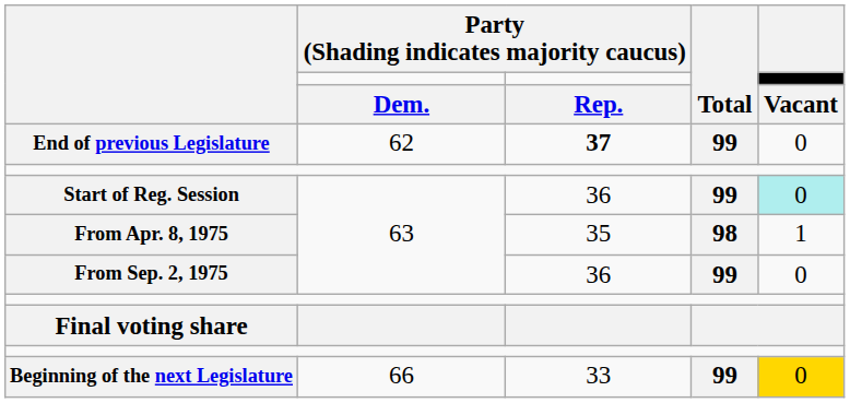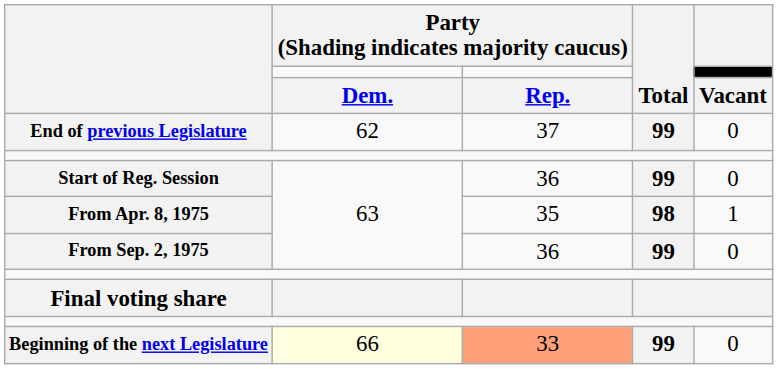 <table class=wikitable style="text-align:center">
 <tr style="vertical-align:bottom;">
 <th rowspan=3></th>
 <th colspan=2>Party <div>(Shading indicates majority caucus)</div></th>
 <th rowspan=3>Total</th>
 <th></th>
 </tr>
 <tr style="height:5px">
 <td style="background-color:"></td>
 <td style="background-color:"></td>
 <td style="background:black;"></td>
 </tr>
 <tr>
 <th><a href='#'>Dem.</a></th>
 <th><a href='#'>Rep.</a></th>
 <th>Vacant</th>
 </tr>
 <tr>
 <th style="font-size:80%;">End of <a href='#'>previous Legislature</a></th>
 <td>62</td>
-<td><strong>37</strong></td>
+<td>37</td>
 <th>99</th>
 <td>0</td>
 </tr>
 <tr>
 <td colspan=6></td>
 </tr>
 <tr>
 <th style="font-size:80%;">Start of Reg. Session</th>
 <td rowspan="3" >63</td>
 <td>36</td>
 <th>99</th>
-<td style="background: paleturquoise;">0</td>
+<td>0</td>
 </tr>
 <tr>
 <th style="font-size:80%;">From Apr. 8, 1975</th>
 <td>35</td>
 <th>98</th>
 <td>1</td>
 </tr>
 <tr>
 <th style="font-size:80%;">From Sep. 2, 1975</th>
 <td>36</td>
 <th>99</th>
 <td>0</td>
 </tr>
 <tr>
 <td colspan=5></td>
 </tr>
 <tr>
 <th>Final voting share</th>
 <th></th>
 <th></th>
 <th colspan=2></th>
 </tr>
 <tr>
 <td colspan=5></td>
 </tr>
 <tr>
 <th style="font-size:80%;">Beginning of the <a href='#'>next Legislature</a></th>
-<td>66</td>
-<td>33</td>
+<td style="background: lightyellow;">66</td>
+<td style="background: lightsalmon;">33</td>
 <th>99</th>
-<td style="background: gold;">0</td>
+<td>0</td>
 </tr>
 </table>
